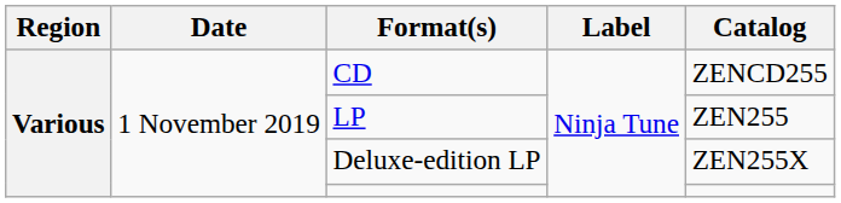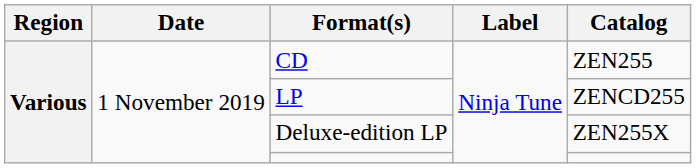 <table class="wikitable sortable plainrowheaders" style="text-align:left">
 <tr>
 <th scope="col">Region</th>
 <th scope="col">Date</th>
 <th scope="col">Format(s)</th>
 <th scope="col">Label</th>
 <th scope="col">Catalog</th>
 </tr>
 <tr>
 <th scope="row" rowspan="4">Various</th>
 <td rowspan="4">1 November 2019</td>
 <td><a href='#'>CD</a></td>
 <td rowspan="4"><a href='#'>Ninja Tune</a></td>
-<td>ZENCD255</td>
+<td>ZEN255</td>
 </tr>
 <tr>
 <td><a href='#'>LP</a></td>
-<td>ZEN255</td>
+<td>ZENCD255</td>
 </tr>
 <tr>
 <td>Deluxe-edition LP</td>
 <td>ZEN255X</td>
 </tr>
 <tr>
 <td></td>
 <td></td>
 </tr>
 </table>
